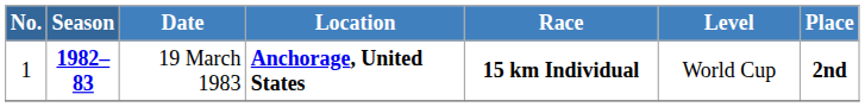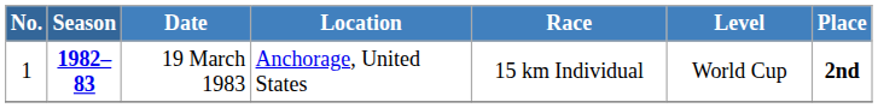 <table class="wikitable sortable" style="font-size:95%; text-align:center; border:grey solid 1px; border-collapse:collapse; background:#ffffff;">
 <tr style="background:#efefef;">
 <th style="background-color:#369; color:white;">No.</th>
 <th style="background-color:#369; color:white;">Season</th>
 <th style="background-color:#4180be; color:white; width:110px;">Date</th>
 <th style="background-color:#4180be; color:white; width:195px;">Location</th>
 <th style="background-color:#4180be; color:white; width:170px;">Race</th>
 <th style="background-color:#4180be; color:white; width:130px;">Level</th>
 <th style="background-color:#4180be; color:white;">Place</th>
 </tr>
 <tr>
 <td align=center>1</td>
 <td rowspan=1 align=center><strong><a href='#'>1982–83</a></strong></td>
 <td align=right>19 March 1983</td>
-<td align=left><strong> <a href='#'>Anchorage</a>, United States</strong></td>
-<td><strong>15 km Individual</strong></td>
+<td align=left> <a href='#'>Anchorage</a>, United States</td>
+<td>15 km Individual</td>
 <td>World Cup</td>
 <td><strong>2nd</strong></td>
 </tr>
 <tr>
 </tr>
 </table>
